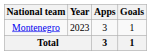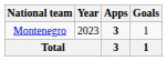 <table class=wikitable style=text-align:center>
 <tr>
 <th>National team</th>
 <th>Year</th>
 <th>Apps</th>
 <th>Goals</th>
 </tr>
 <tr>
 <td><a href='#'>Montenegro</a></td>
 <td>2023</td>
-<td>3</td>
+<td><strong>3</strong></td>
 <td>1</td>
 </tr>
 <tr>
 <th colspan="2">Total</th>
 <th>3</th>
 <th>1</th>
 </tr>
 </table>
